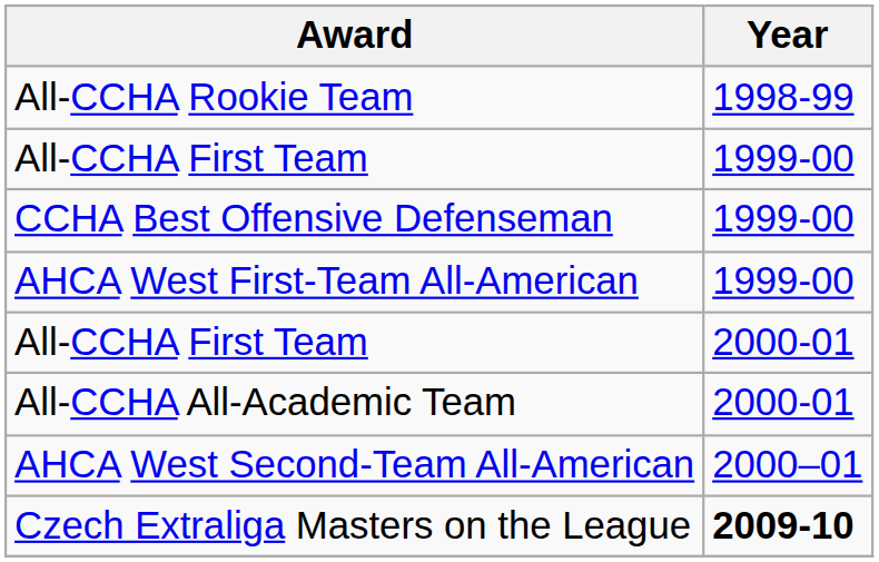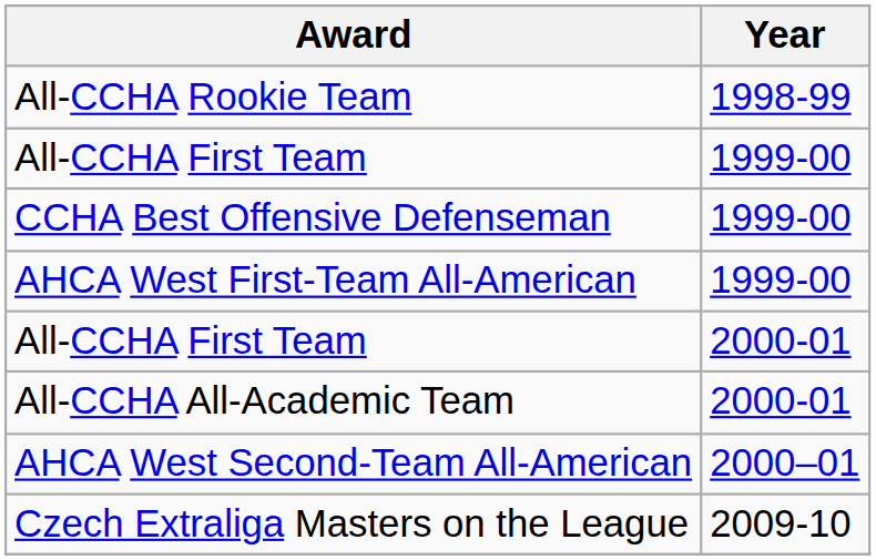 <table class="wikitable">
 <tr>
 <th>Award</th>
 <th>Year</th>
 </tr>
 <tr>
 <td>All-<a href='#'>CCHA</a> <a href='#'>Rookie Team</a></td>
 <td><a href='#'>1998-99</a></td>
 </tr>
 <tr>
 <td>All-<a href='#'>CCHA</a> <a href='#'>First Team</a></td>
 <td><a href='#'>1999-00</a></td>
 </tr>
 <tr>
 <td><a href='#'>CCHA</a> <a href='#'>Best Offensive Defenseman</a></td>
 <td><a href='#'>1999-00</a></td>
 </tr>
 <tr>
 <td><a href='#'>AHCA</a> <a href='#'>West First-Team All-American</a></td>
 <td><a href='#'>1999-00</a></td>
 </tr>
 <tr>
 <td>All-<a href='#'>CCHA</a> <a href='#'>First Team</a></td>
 <td><a href='#'>2000-01</a></td>
 </tr>
 <tr>
 <td>All-<a href='#'>CCHA</a> All-Academic Team</td>
 <td><a href='#'>2000-01</a></td>
 </tr>
 <tr>
 <td><a href='#'>AHCA</a> <a href='#'>West Second-Team All-American</a></td>
 <td><a href='#'>2000–01</a></td>
 </tr>
 <tr>
 <td><a href='#'>Czech Extraliga</a> Masters on the League</td>
-<td><strong>2009-10</strong></td>
+<td>2009-10</td>
 </tr>
 <tr>
 </tr>
 </table>
